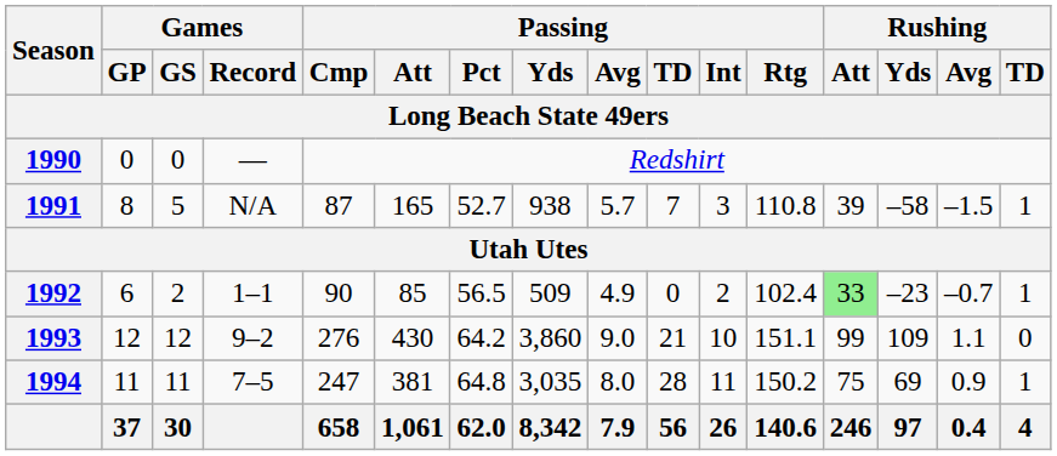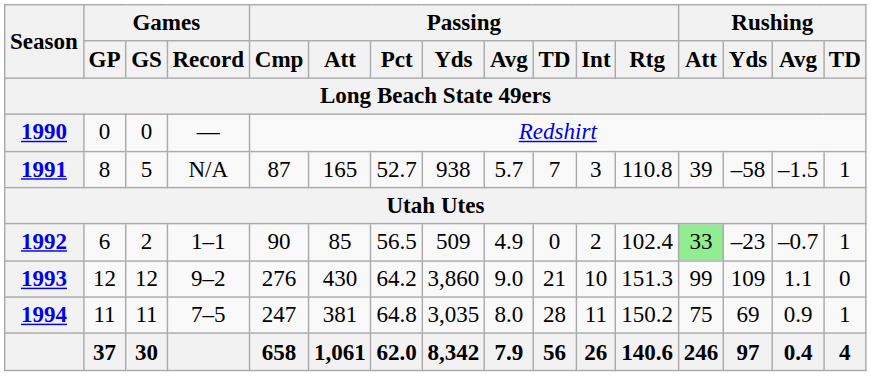 <table class="wikitable" style="text-align:center;">
 <tr>
 <th rowspan="2">Season</th>
 <th colspan="3">Games</th>
 <th colspan="8">Passing</th>
 <th colspan="5">Rushing</th>
 </tr>
 <tr>
 <th>GP</th>
 <th>GS</th>
 <th>Record</th>
 <th>Cmp</th>
 <th>Att</th>
 <th>Pct</th>
 <th>Yds</th>
 <th>Avg</th>
 <th>TD</th>
 <th>Int</th>
 <th>Rtg</th>
 <th>Att</th>
 <th>Yds</th>
 <th>Avg</th>
 <th>TD</th>
 </tr>
 <tr>
 <th colspan="16">Long Beach State 49ers</th>
 </tr>
 <tr>
 <th><a href='#'>1990</a></th>
 <td>0</td>
 <td>0</td>
 <td>―</td>
 <td colspan="12"> <em><a href='#'>Redshirt</a></em></td>
 </tr>
 <tr>
 <th><a href='#'>1991</a></th>
 <td>8</td>
 <td>5</td>
 <td>N/A</td>
 <td>87</td>
 <td>165</td>
 <td>52.7</td>
 <td>938</td>
 <td>5.7</td>
 <td>7</td>
 <td>3</td>
 <td>110.8</td>
 <td>39</td>
 <td>–58</td>
 <td>–1.5</td>
 <td>1</td>
 </tr>
 <tr>
 <th colspan="16">Utah Utes</th>
 </tr>
 <tr>
 <th><a href='#'>1992</a></th>
 <td>6</td>
 <td>2</td>
 <td>1–1</td>
 <td>90</td>
 <td>85</td>
 <td>56.5</td>
 <td>509</td>
 <td>4.9</td>
 <td>0</td>
 <td>2</td>
 <td>102.4</td>
 <td style="background: lightgreen;">33</td>
 <td>–23</td>
 <td>–0.7</td>
 <td>1</td>
 </tr>
 <tr>
 <th><a href='#'>1993</a></th>
 <td>12</td>
 <td>12</td>
 <td>9–2</td>
 <td>276</td>
 <td>430</td>
 <td>64.2</td>
 <td>3,860</td>
 <td>9.0</td>
 <td>21</td>
 <td>10</td>
-<td>151.1</td>
+<td>151.3</td>
 <td>99</td>
 <td>109</td>
 <td>1.1</td>
 <td>0</td>
 </tr>
 <tr>
 <th><a href='#'>1994</a></th>
 <td>11</td>
 <td>11</td>
 <td>7–5</td>
 <td>247</td>
 <td>381</td>
 <td>64.8</td>
 <td>3,035</td>
 <td>8.0</td>
 <td>28</td>
 <td>11</td>
 <td>150.2</td>
 <td>75</td>
 <td>69</td>
 <td>0.9</td>
 <td>1</td>
 </tr>
 <tr>
 <th></th>
 <th>37</th>
 <th>30</th>
 <th></th>
 <th>658</th>
 <th>1,061</th>
 <th>62.0</th>
 <th>8,342</th>
 <th>7.9</th>
 <th>56</th>
 <th>26</th>
 <th>140.6</th>
 <th>246</th>
 <th>97</th>
 <th>0.4</th>
 <th>4</th>
 </tr>
 </table>
